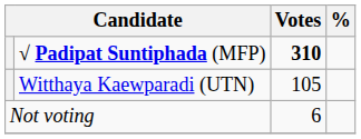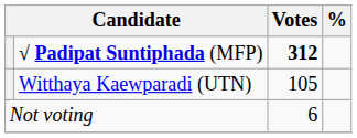 <table class=wikitable>
 <tr>
 <th colspan=2>Candidate</th>
 <th>Votes</th>
 <th>%</th>
 </tr>
 <tr>
 <th style="background-color:"></th>
 <td><strong>√ <a href='#'>Padipat Suntiphada</a></strong> (MFP)</td>
-<td style="text-align:right"><strong>310</strong></td>
+<td style="text-align:right"><strong>312</strong></td>
 <td style="text-align:right"><strong></strong></td>
 </tr>
 <tr>
 <th style="background-color:"></th>
 <td><a href='#'>Witthaya Kaewparadi</a> (UTN)</td>
 <td style="text-align:right">105</td>
 <td style="text-align:right"></td>
 </tr>
 <tr>
 <td colspan=2 style="text-align:left"><em>Not voting</em></td>
 <td style="text-align:right">6</td>
 <td style="text-align:right"></td>
 </tr>
 <tr>
 </tr>
 </table>
